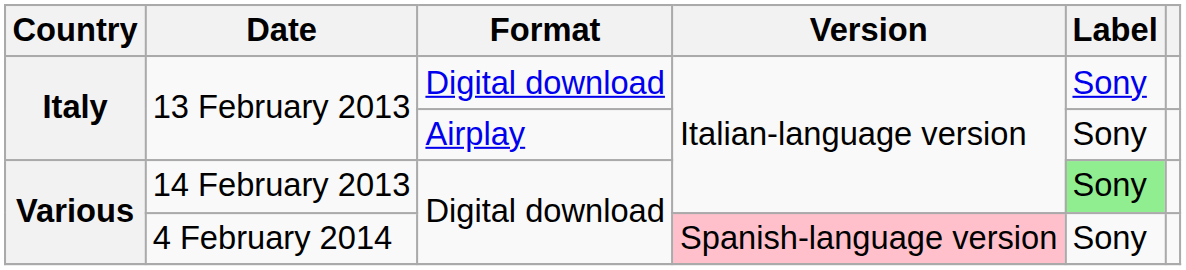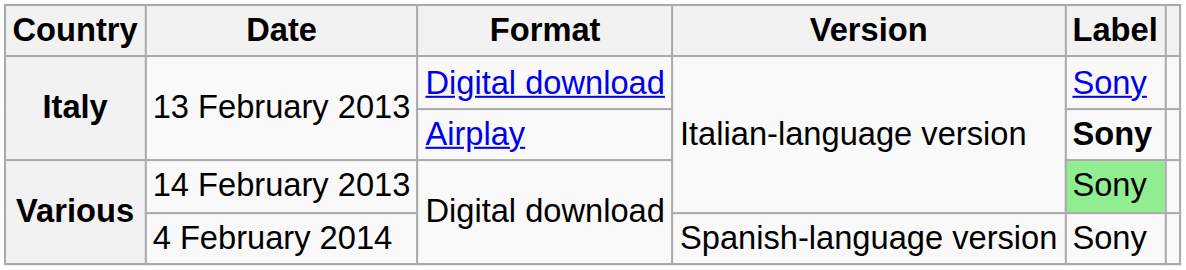 <table class="wikitable plainrowheaders">
 <tr>
 <th>Country</th>
 <th>Date</th>
 <th>Format</th>
 <th>Version</th>
 <th>Label</th>
 <th></th>
 </tr>
 <tr>
 <th scope="row" rowspan="2">Italy</th>
 <td rowspan="2">13 February 2013</td>
 <td><a href='#'>Digital download</a></td>
 <td rowspan="3">Italian-language version</td>
 <td><a href='#'>Sony</a></td>
 <td></td>
 </tr>
 <tr>
 <td><a href='#'>Airplay</a></td>
-<td>Sony</td>
+<td><strong>Sony</strong></td>
 <td></td>
 </tr>
 <tr>
 <th scope="row" rowspan="2">Various</th>
 <td>14 February 2013</td>
 <td rowspan="2">Digital download</td>
 <td style="background: lightgreen;">Sony</td>
 <td></td>
 </tr>
 <tr>
 <td>4 February 2014</td>
-<td style="background: pink;">Spanish-language version</td>
+<td>Spanish-language version</td>
 <td>Sony</td>
 <td></td>
 </tr>
 <tr>
 </tr>
 </table>
